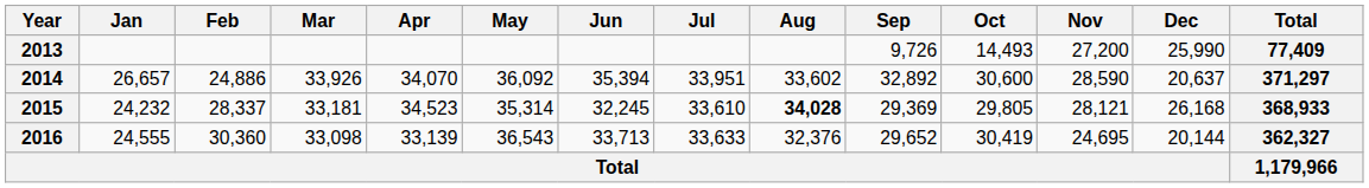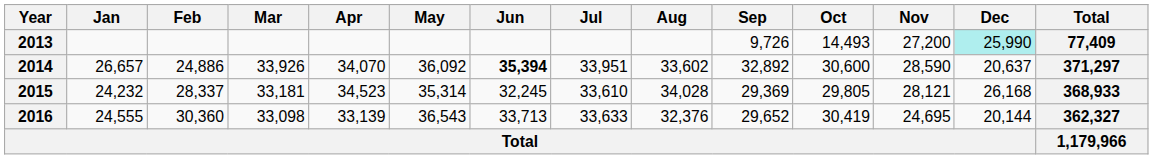 <table class=wikitable style="text-align:right; font-size:0.9em; width:1050px;">
 <tr>
 <th>Year</th>
 <th>Jan</th>
 <th>Feb</th>
 <th>Mar</th>
 <th>Apr</th>
 <th>May</th>
 <th>Jun</th>
 <th>Jul</th>
 <th>Aug</th>
 <th>Sep</th>
 <th>Oct</th>
 <th>Nov</th>
 <th>Dec</th>
 <th>Total</th>
 </tr>
 <tr>
 <th>2013</th>
 <td></td>
 <td></td>
 <td></td>
 <td></td>
 <td></td>
 <td></td>
 <td></td>
 <td></td>
 <td>9,726</td>
 <td>14,493</td>
 <td>27,200</td>
-<td>25,990</td>
+<td style="background: paleturquoise;">25,990</td>
 <th>77,409</th>
 </tr>
 <tr>
 <th>2014</th>
 <td>26,657</td>
 <td>24,886</td>
 <td>33,926</td>
 <td>34,070</td>
 <td>36,092</td>
-<td>35,394</td>
+<td><strong>35,394</strong></td>
 <td>33,951</td>
 <td>33,602</td>
 <td>32,892</td>
 <td>30,600</td>
 <td>28,590</td>
 <td>20,637</td>
 <th>371,297</th>
 </tr>
 <tr>
 <th>2015</th>
 <td>24,232</td>
 <td>28,337</td>
 <td>33,181</td>
 <td>34,523</td>
 <td>35,314</td>
 <td>32,245</td>
 <td>33,610</td>
-<td><strong>34,028</strong></td>
+<td>34,028</td>
 <td>29,369</td>
 <td>29,805</td>
 <td>28,121</td>
 <td>26,168</td>
 <th>368,933</th>
 </tr>
 <tr>
 <th>2016</th>
 <td>24,555</td>
 <td>30,360</td>
 <td>33,098</td>
 <td>33,139</td>
 <td>36,543</td>
 <td>33,713</td>
 <td>33,633</td>
 <td>32,376</td>
 <td>29,652</td>
 <td>30,419</td>
 <td>24,695</td>
 <td>20,144</td>
 <th>362,327</th>
 </tr>
 <tr>
 <th colspan=13>Total</th>
 <th>1,179,966</th>
 </tr>
 </table>
